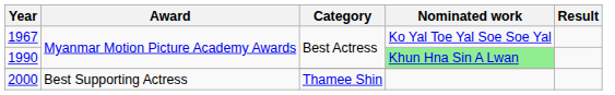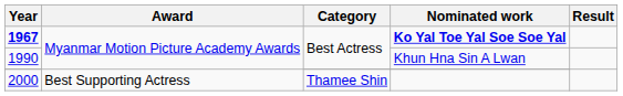 <table class="wikitable" style="font-size: 95%">
 <tr>
 <th>Year</th>
 <th>Award</th>
 <th>Category</th>
 <th>Nominated work</th>
 <th>Result</th>
 </tr>
 <tr>
-<td><a href='#'>1967</a></td>
+<td><strong><a href='#'>1967</a></strong></td>
 <td rowspan="3"><a href='#'>Myanmar Motion Picture Academy Awards</a></td>
 <td rowspan="2">Best Actress</td>
-<td><a href='#'>Ko Yal Toe Yal Soe Soe Yal</a></td>
+<td><strong><a href='#'>Ko Yal Toe Yal Soe Soe Yal</a></strong></td>
 <td></td>
 </tr>
 <tr>
 <td><a href='#'>1990</a></td>
-<td style="background: lightgreen;"><a href='#'>Khun Hna Sin A Lwan</a></td>
+<td><a href='#'>Khun Hna Sin A Lwan</a></td>
 <td></td>
 </tr>
 <tr>
 </tr>
 <tr>
 <td><a href='#'>2000</a></td>
 <td>Best Supporting Actress</td>
 <td><a href='#'>Thamee Shin</a></td>
 <td></td>
 </tr>
 </table>
